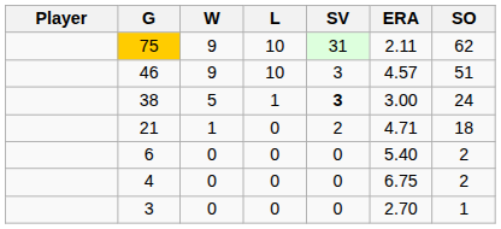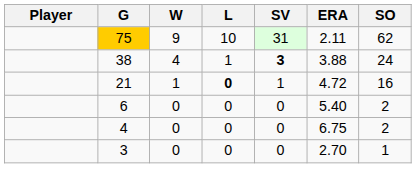 <table class="wikitable sortable">
 <tr>
 <th bgcolor="#DDDDFF" width="16%">Player</th>
 <th bgcolor="#DDDDFF" width="9%">G</th>
 <th bgcolor="#DDDDFF" width="9%">W</th>
 <th bgcolor="#DDDDFF" width="9%">L</th>
 <th bgcolor="#DDDDFF" width="9%">SV</th>
 <th bgcolor="#DDDDFF" width="9%">ERA</th>
 <th bgcolor="#DDDDFF" width="9%">SO</th>
 </tr>
 <tr align="center">
 <td></td>
 <td bgcolor="#FFCC00">75</td>
 <td>9</td>
 <td>10</td>
 <td bgcolor="#DDFFDD">31</td>
 <td>2.11</td>
 <td>62</td>
 </tr>
 <tr align="center">
 <td></td>
-<td>46</td>
-<td>9</td>
-<td>10</td>
-<td>3</td>
-<td>4.57</td>
-<td>51</td>
-</tr>
-<tr align="center">
-<td></td>
 <td>38</td>
-<td>5</td>
+<td>4</td>
 <td>1</td>
 <td><strong>3</strong></td>
-<td>3.00</td>
+<td>3.88</td>
 <td>24</td>
 </tr>
 <tr align="center">
 <td></td>
 <td>21</td>
 <td>1</td>
-<td>0</td>
-<td>2</td>
-<td>4.71</td>
-<td>18</td>
+<td><strong>0</strong></td>
+<td>1</td>
+<td>4.72</td>
+<td>16</td>
 </tr>
 <tr align="center">
 <td></td>
 <td>6</td>
 <td>0</td>
 <td>0</td>
 <td>0</td>
 <td>5.40</td>
 <td>2</td>
 </tr>
 <tr align="center">
 <td></td>
 <td>4</td>
 <td>0</td>
 <td>0</td>
 <td>0</td>
 <td>6.75</td>
 <td>2</td>
 </tr>
 <tr align="center">
 <td></td>
 <td>3</td>
 <td>0</td>
 <td>0</td>
 <td>0</td>
 <td>2.70</td>
 <td>1</td>
 </tr>
 </table>
